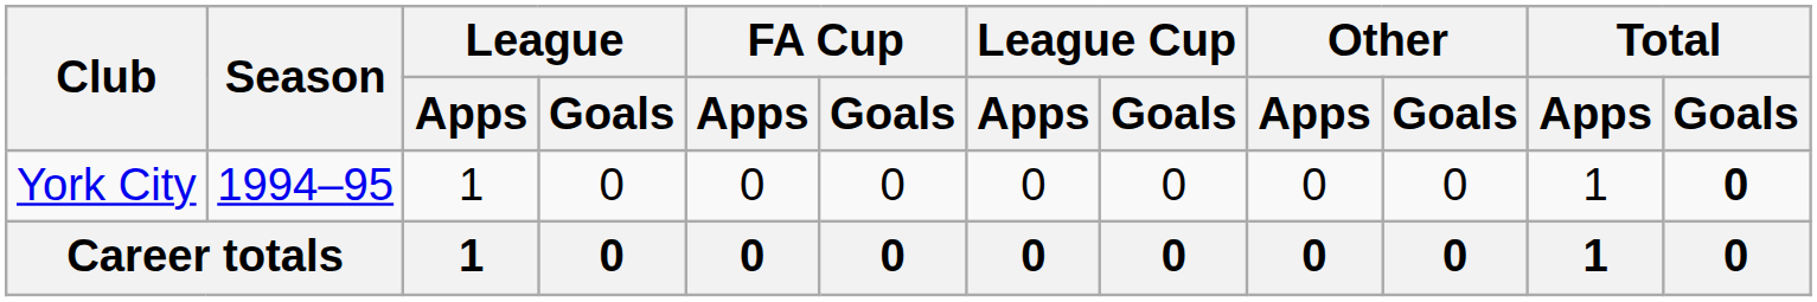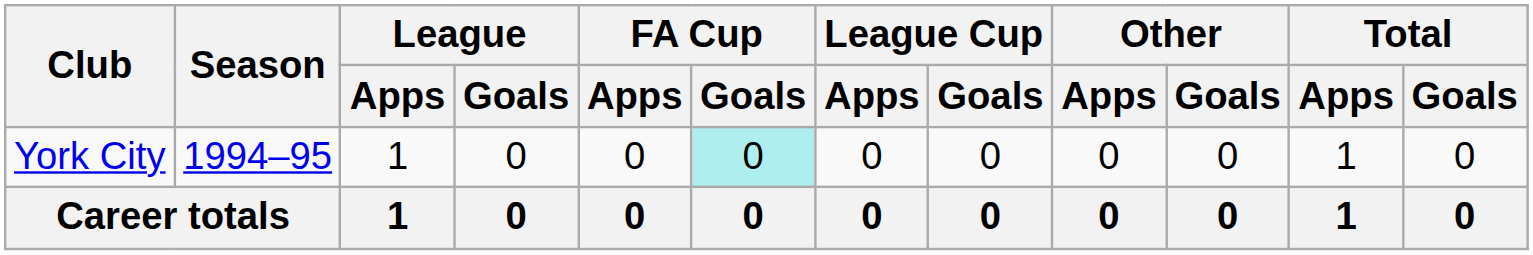 <table class="wikitable" style="text-align: center;">
 <tr>
 <th rowspan="2">Club</th>
 <th rowspan="2">Season</th>
 <th colspan="2">League</th>
 <th colspan="2">FA Cup</th>
 <th colspan="2">League Cup</th>
 <th colspan="2">Other</th>
 <th colspan="2">Total</th>
 </tr>
 <tr>
 <th>Apps</th>
 <th>Goals</th>
 <th>Apps</th>
 <th>Goals</th>
 <th>Apps</th>
 <th>Goals</th>
 <th>Apps</th>
 <th>Goals</th>
 <th>Apps</th>
 <th>Goals</th>
 </tr>
 <tr>
 <td rowspan="1" valign="center"><a href='#'>York City</a></td>
 <td><a href='#'>1994–95</a></td>
 <td>1</td>
 <td>0</td>
 <td>0</td>
-<td>0</td>
+<td style="background: paleturquoise;">0</td>
 <td>0</td>
 <td>0</td>
 <td>0</td>
 <td>0</td>
 <td>1</td>
-<td><strong>0</strong></td>
+<td>0</td>
 </tr>
 <tr>
 <th colspan="2">Career totals</th>
 <th>1</th>
 <th>0</th>
 <th>0</th>
 <th>0</th>
 <th>0</th>
 <th>0</th>
 <th>0</th>
 <th>0</th>
 <th>1</th>
 <th>0</th>
 </tr>
 </table>
